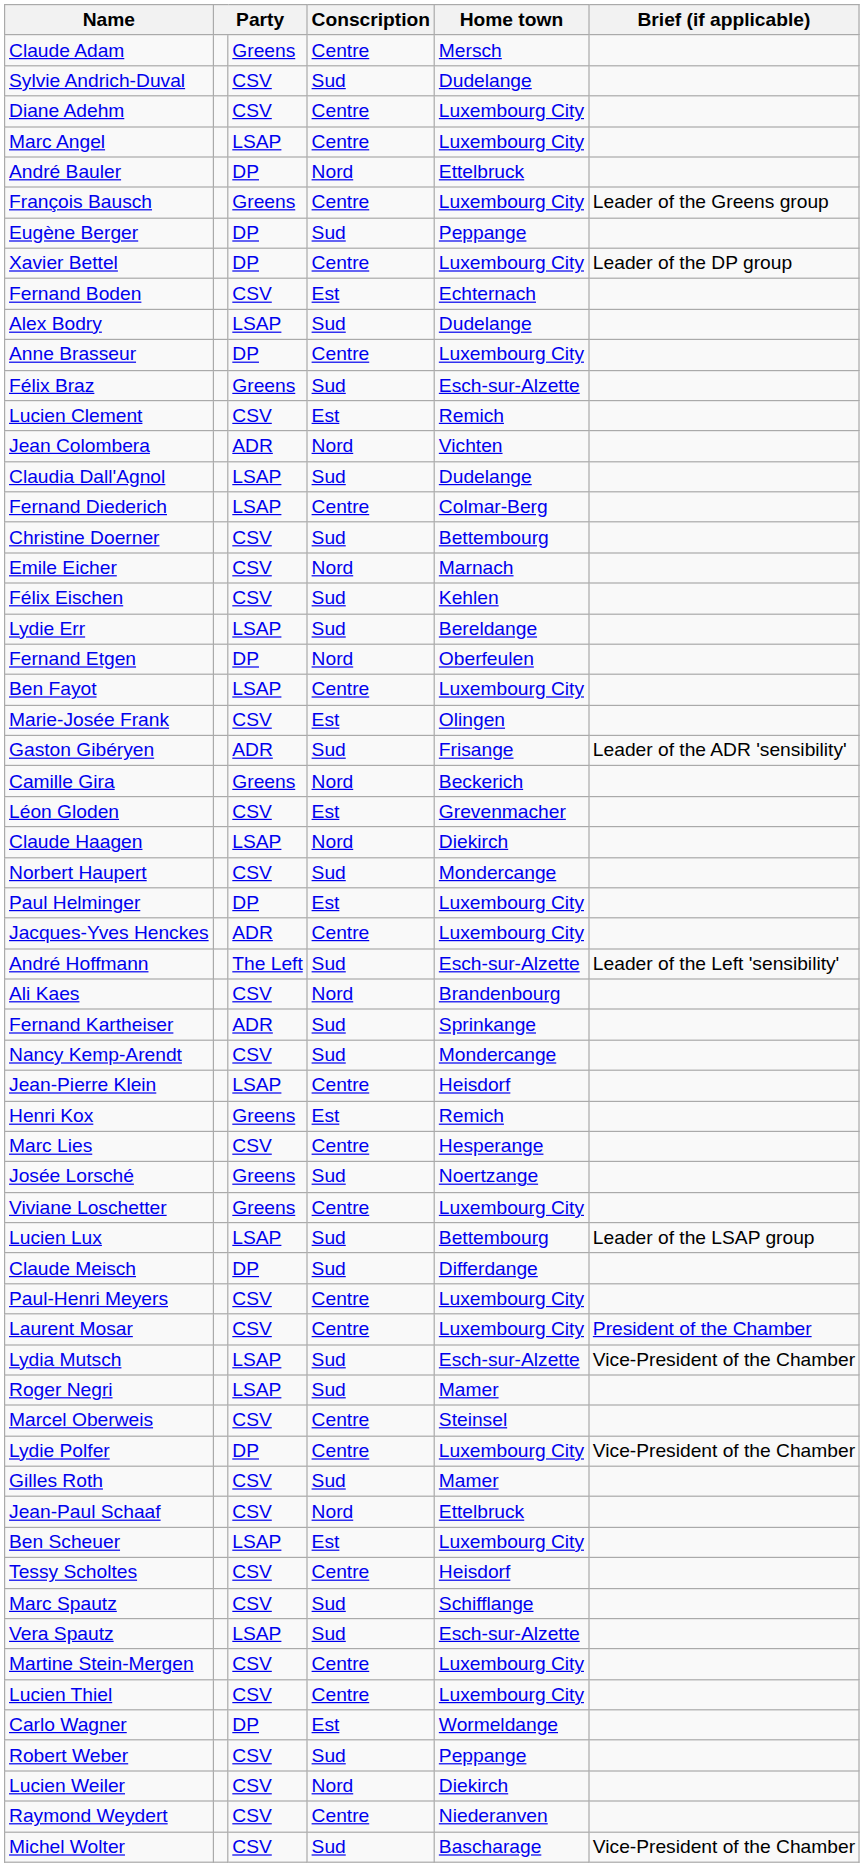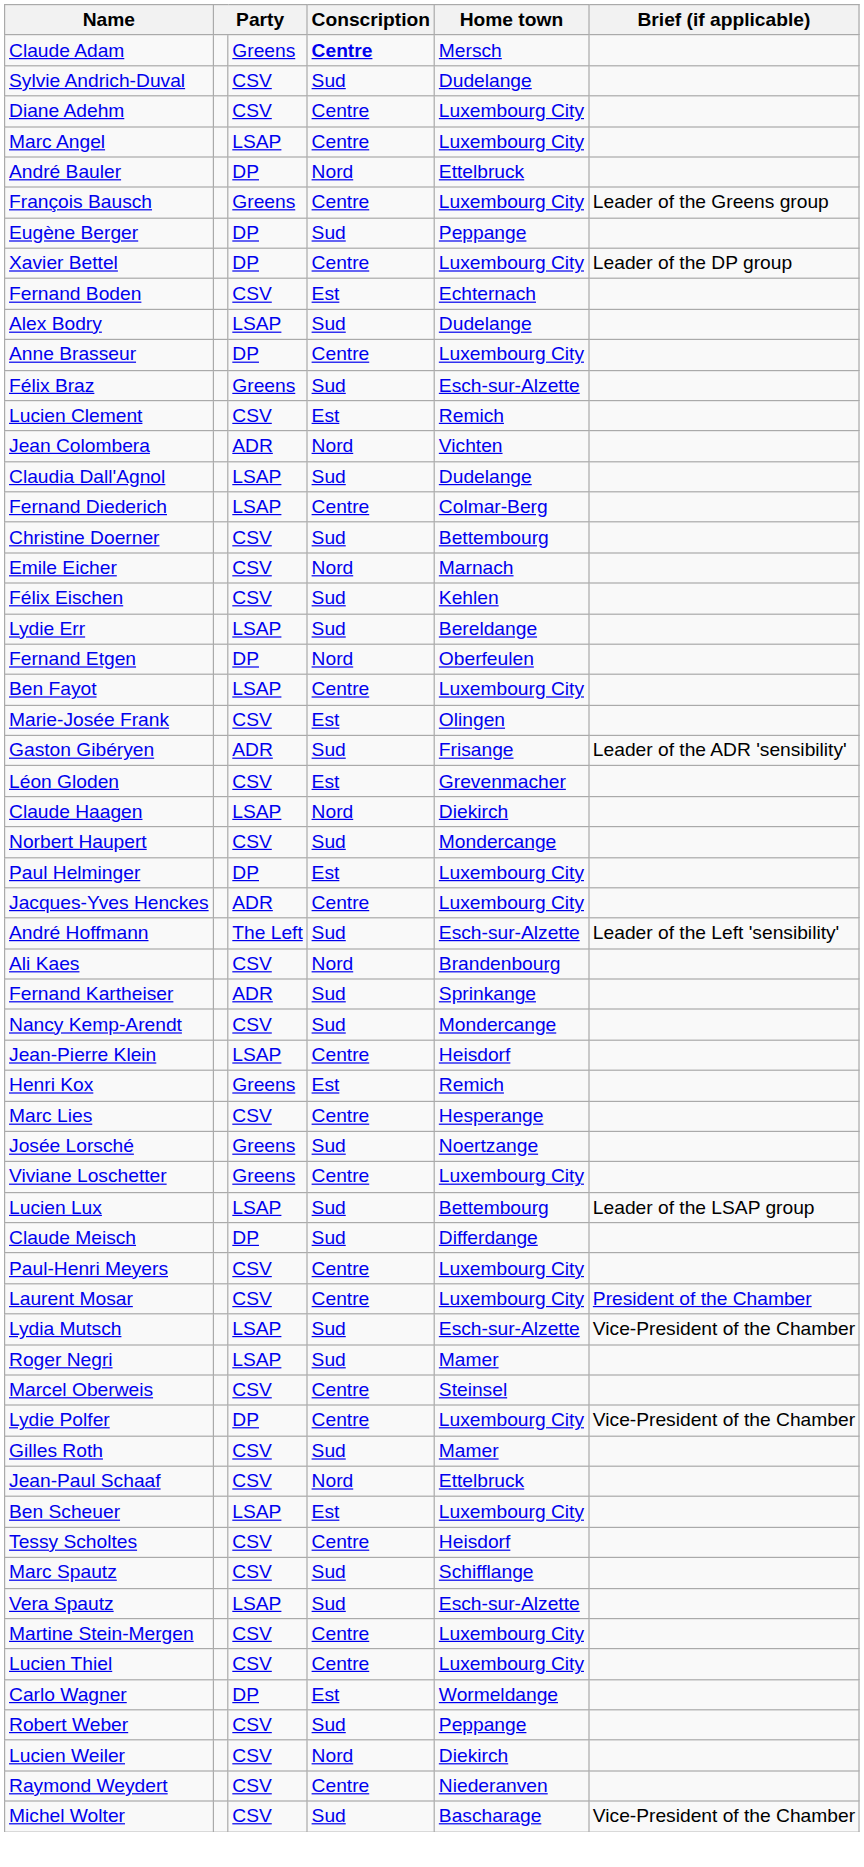 <table class="wikitable sortable">
 <tr>
 <th>Name</th>
 <th colspan=2>Party</th>
 <th>Conscription</th>
 <th>Home town</th>
 <th>Brief (if applicable)</th>
 </tr>
 <tr>
 <td><a href='#'>Claude Adam</a></td>
 <td style="background-color: "></td>
 <td><a href='#'>Greens</a></td>
-<td><a href='#'>Centre</a></td>
+<td><strong><a href='#'>Centre</a></strong></td>
 <td><a href='#'>Mersch</a></td>
 <td></td>
 </tr>
 <tr>
 <td><a href='#'>Sylvie Andrich-Duval</a></td>
 <td style="background-color: "></td>
 <td><a href='#'>CSV</a></td>
 <td><a href='#'>Sud</a></td>
 <td><a href='#'>Dudelange</a></td>
 <td></td>
 </tr>
 <tr>
 <td><a href='#'>Diane Adehm</a></td>
 <td style="background-color: "></td>
 <td><a href='#'>CSV</a></td>
 <td><a href='#'>Centre</a></td>
 <td><a href='#'>Luxembourg City</a></td>
 <td></td>
 </tr>
 <tr>
 <td><a href='#'>Marc Angel</a></td>
 <td style="background-color: "></td>
 <td><a href='#'>LSAP</a></td>
 <td><a href='#'>Centre</a></td>
 <td><a href='#'>Luxembourg City</a></td>
 <td></td>
 </tr>
 <tr>
 <td><a href='#'>André Bauler</a></td>
 <td style="background-color: "></td>
 <td><a href='#'>DP</a></td>
 <td><a href='#'>Nord</a></td>
 <td><a href='#'>Ettelbruck</a></td>
 <td></td>
 </tr>
 <tr>
 <td><a href='#'>François Bausch</a></td>
 <td style="background-color: "></td>
 <td><a href='#'>Greens</a></td>
 <td><a href='#'>Centre</a></td>
 <td><a href='#'>Luxembourg City</a></td>
 <td>Leader of the Greens group</td>
 </tr>
 <tr>
 <td><a href='#'>Eugène Berger</a></td>
 <td width=5px style="background-color: "></td>
 <td><a href='#'>DP</a></td>
 <td><a href='#'>Sud</a></td>
 <td><a href='#'>Peppange</a></td>
 <td></td>
 </tr>
 <tr>
 <td><a href='#'>Xavier Bettel</a></td>
 <td width=5px style="background-color: "></td>
 <td><a href='#'>DP</a></td>
 <td><a href='#'>Centre</a></td>
 <td><a href='#'>Luxembourg City</a></td>
 <td>Leader of the DP group</td>
 </tr>
 <tr>
 <td><a href='#'>Fernand Boden</a></td>
 <td style="background-color: "></td>
 <td><a href='#'>CSV</a></td>
 <td><a href='#'>Est</a></td>
 <td><a href='#'>Echternach</a></td>
 <td></td>
 </tr>
 <tr>
 <td><a href='#'>Alex Bodry</a></td>
 <td style="background-color: "></td>
 <td><a href='#'>LSAP</a></td>
 <td><a href='#'>Sud</a></td>
 <td><a href='#'>Dudelange</a></td>
 <td></td>
 </tr>
 <tr>
 <td><a href='#'>Anne Brasseur</a></td>
 <td width=5px style="background-color: "></td>
 <td><a href='#'>DP</a></td>
 <td><a href='#'>Centre</a></td>
 <td><a href='#'>Luxembourg City</a></td>
 <td></td>
 </tr>
 <tr>
 <td><a href='#'>Félix Braz</a></td>
 <td style="background-color: "></td>
 <td><a href='#'>Greens</a></td>
 <td><a href='#'>Sud</a></td>
 <td><a href='#'>Esch-sur-Alzette</a></td>
 <td></td>
 </tr>
 <tr>
 <td><a href='#'>Lucien Clement</a></td>
 <td style="background-color: "></td>
 <td><a href='#'>CSV</a></td>
 <td><a href='#'>Est</a></td>
 <td><a href='#'>Remich</a></td>
 <td></td>
 </tr>
 <tr>
 <td><a href='#'>Jean Colombera</a></td>
 <td style="background-color: "></td>
 <td><a href='#'>ADR</a></td>
 <td><a href='#'>Nord</a></td>
 <td><a href='#'>Vichten</a></td>
 <td></td>
 </tr>
 <tr>
 <td><a href='#'>Claudia Dall'Agnol</a></td>
 <td style="background-color: "></td>
 <td><a href='#'>LSAP</a></td>
 <td><a href='#'>Sud</a></td>
 <td><a href='#'>Dudelange</a></td>
 <td></td>
 </tr>
 <tr>
 <td><a href='#'>Fernand Diederich</a></td>
 <td style="background-color: "></td>
 <td><a href='#'>LSAP</a></td>
 <td><a href='#'>Centre</a></td>
 <td><a href='#'>Colmar-Berg</a></td>
 <td></td>
 </tr>
 <tr>
 <td><a href='#'>Christine Doerner</a></td>
 <td style="background-color: "></td>
 <td><a href='#'>CSV</a></td>
 <td><a href='#'>Sud</a></td>
 <td><a href='#'>Bettembourg</a></td>
 <td></td>
 </tr>
 <tr>
 <td><a href='#'>Emile Eicher</a></td>
 <td style="background-color: "></td>
 <td><a href='#'>CSV</a></td>
 <td><a href='#'>Nord</a></td>
 <td><a href='#'>Marnach</a></td>
 <td></td>
 </tr>
 <tr>
 <td><a href='#'>Félix Eischen</a></td>
 <td style="background-color: "></td>
 <td><a href='#'>CSV</a></td>
 <td><a href='#'>Sud</a></td>
 <td><a href='#'>Kehlen</a></td>
 <td></td>
 </tr>
 <tr>
 <td><a href='#'>Lydie Err</a></td>
 <td style="background-color: "></td>
 <td><a href='#'>LSAP</a></td>
 <td><a href='#'>Sud</a></td>
 <td><a href='#'>Bereldange</a></td>
 <td></td>
 </tr>
 <tr>
 <td><a href='#'>Fernand Etgen</a></td>
 <td width=5px style="background-color: "></td>
 <td><a href='#'>DP</a></td>
 <td><a href='#'>Nord</a></td>
 <td><a href='#'>Oberfeulen</a></td>
 <td></td>
 </tr>
 <tr>
 <td><a href='#'>Ben Fayot</a></td>
 <td style="background-color: "></td>
 <td><a href='#'>LSAP</a></td>
 <td><a href='#'>Centre</a></td>
 <td><a href='#'>Luxembourg City</a></td>
 <td></td>
 </tr>
 <tr>
 <td><a href='#'>Marie-Josée Frank</a></td>
 <td style="background-color: "></td>
 <td><a href='#'>CSV</a></td>
 <td><a href='#'>Est</a></td>
 <td><a href='#'>Olingen</a></td>
 <td></td>
 </tr>
 <tr>
 <td><a href='#'>Gaston Gibéryen</a></td>
 <td style="background-color: "></td>
 <td><a href='#'>ADR</a></td>
 <td><a href='#'>Sud</a></td>
 <td><a href='#'>Frisange</a></td>
 <td>Leader of the ADR 'sensibility'</td>
-</tr>
-<tr>
-<td><a href='#'>Camille Gira</a></td>
-<td style="background-color: "></td>
-<td><a href='#'>Greens</a></td>
-<td><a href='#'>Nord</a></td>
-<td><a href='#'>Beckerich</a></td>
-<td></td>
 </tr>
 <tr>
 <td><a href='#'>Léon Gloden</a></td>
 <td style="background-color: "></td>
 <td><a href='#'>CSV</a></td>
 <td><a href='#'>Est</a></td>
 <td><a href='#'>Grevenmacher</a></td>
 <td></td>
 </tr>
 <tr>
 <td><a href='#'>Claude Haagen</a></td>
 <td style="background-color: "></td>
 <td><a href='#'>LSAP</a></td>
 <td><a href='#'>Nord</a></td>
 <td><a href='#'>Diekirch</a></td>
 <td></td>
 </tr>
 <tr>
 <td><a href='#'>Norbert Haupert</a></td>
 <td style="background-color: "></td>
 <td><a href='#'>CSV</a></td>
 <td><a href='#'>Sud</a></td>
 <td><a href='#'>Mondercange</a></td>
 <td></td>
 </tr>
 <tr>
 <td><a href='#'>Paul Helminger</a></td>
 <td width=5px style="background-color: "></td>
 <td><a href='#'>DP</a></td>
 <td><a href='#'>Est</a></td>
 <td><a href='#'>Luxembourg City</a></td>
 <td></td>
 </tr>
 <tr>
 <td><a href='#'>Jacques-Yves Henckes</a></td>
 <td style="background-color: "></td>
 <td><a href='#'>ADR</a></td>
 <td><a href='#'>Centre</a></td>
 <td><a href='#'>Luxembourg City</a></td>
 <td></td>
 </tr>
 <tr>
 <td><a href='#'>André Hoffmann</a></td>
 <td style="background-color: "></td>
 <td><a href='#'>The Left</a></td>
 <td><a href='#'>Sud</a></td>
 <td><a href='#'>Esch-sur-Alzette</a></td>
 <td>Leader of the Left 'sensibility'</td>
 </tr>
 <tr>
 <td><a href='#'>Ali Kaes</a></td>
 <td style="background-color: "></td>
 <td><a href='#'>CSV</a></td>
 <td><a href='#'>Nord</a></td>
 <td><a href='#'>Brandenbourg</a></td>
 <td></td>
 </tr>
 <tr>
 <td><a href='#'>Fernand Kartheiser</a></td>
 <td style="background-color: "></td>
 <td><a href='#'>ADR</a></td>
 <td><a href='#'>Sud</a></td>
 <td><a href='#'>Sprinkange</a></td>
 <td></td>
 </tr>
 <tr>
 <td><a href='#'>Nancy Kemp-Arendt</a></td>
 <td style="background-color: "></td>
 <td><a href='#'>CSV</a></td>
 <td><a href='#'>Sud</a></td>
 <td><a href='#'>Mondercange</a></td>
 <td></td>
 </tr>
 <tr>
 <td><a href='#'>Jean-Pierre Klein</a></td>
 <td style="background-color: "></td>
 <td><a href='#'>LSAP</a></td>
 <td><a href='#'>Centre</a></td>
 <td><a href='#'>Heisdorf</a></td>
 <td></td>
 </tr>
 <tr>
 <td><a href='#'>Henri Kox</a></td>
 <td style="background-color: "></td>
 <td><a href='#'>Greens</a></td>
 <td><a href='#'>Est</a></td>
 <td><a href='#'>Remich</a></td>
 <td></td>
 </tr>
 <tr>
 <td><a href='#'>Marc Lies</a></td>
 <td style="background-color: "></td>
 <td><a href='#'>CSV</a></td>
 <td><a href='#'>Centre</a></td>
 <td><a href='#'>Hesperange</a></td>
 <td></td>
 </tr>
 <tr>
 <td><a href='#'>Josée Lorsché</a></td>
 <td style="background-color: "></td>
 <td><a href='#'>Greens</a></td>
 <td><a href='#'>Sud</a></td>
 <td><a href='#'>Noertzange</a></td>
 <td></td>
 </tr>
 <tr>
 <td><a href='#'>Viviane Loschetter</a></td>
 <td style="background-color: "></td>
 <td><a href='#'>Greens</a></td>
 <td><a href='#'>Centre</a></td>
 <td><a href='#'>Luxembourg City</a></td>
 <td></td>
 </tr>
 <tr>
 <td><a href='#'>Lucien Lux</a></td>
 <td style="background-color: "></td>
 <td><a href='#'>LSAP</a></td>
 <td><a href='#'>Sud</a></td>
 <td><a href='#'>Bettembourg</a></td>
 <td>Leader of the LSAP group</td>
 </tr>
 <tr>
 <td><a href='#'>Claude Meisch</a></td>
 <td width=5px style="background-color: "></td>
 <td><a href='#'>DP</a></td>
 <td><a href='#'>Sud</a></td>
 <td><a href='#'>Differdange</a></td>
 <td></td>
 </tr>
 <tr>
 <td><a href='#'>Paul-Henri Meyers</a></td>
 <td style="background-color: "></td>
 <td><a href='#'>CSV</a></td>
 <td><a href='#'>Centre</a></td>
 <td><a href='#'>Luxembourg City</a></td>
 <td></td>
 </tr>
 <tr>
 <td><a href='#'>Laurent Mosar</a></td>
 <td style="background-color: "></td>
 <td><a href='#'>CSV</a></td>
 <td><a href='#'>Centre</a></td>
 <td><a href='#'>Luxembourg City</a></td>
 <td><a href='#'>President of the Chamber</a></td>
 </tr>
 <tr>
 <td><a href='#'>Lydia Mutsch</a></td>
 <td style="background-color: "></td>
 <td><a href='#'>LSAP</a></td>
 <td><a href='#'>Sud</a></td>
 <td><a href='#'>Esch-sur-Alzette</a></td>
 <td>Vice-President of the Chamber</td>
 </tr>
 <tr>
 <td><a href='#'>Roger Negri</a></td>
 <td style="background-color: "></td>
 <td><a href='#'>LSAP</a></td>
 <td><a href='#'>Sud</a></td>
 <td><a href='#'>Mamer</a></td>
 <td></td>
 </tr>
 <tr>
 <td><a href='#'>Marcel Oberweis</a></td>
 <td style="background-color: "></td>
 <td><a href='#'>CSV</a></td>
 <td><a href='#'>Centre</a></td>
 <td><a href='#'>Steinsel</a></td>
 <td></td>
 </tr>
 <tr>
 <td><a href='#'>Lydie Polfer</a></td>
 <td style="background-color: "></td>
 <td><a href='#'>DP</a></td>
 <td><a href='#'>Centre</a></td>
 <td><a href='#'>Luxembourg City</a></td>
 <td>Vice-President of the Chamber</td>
 </tr>
 <tr>
 <td><a href='#'>Gilles Roth</a></td>
 <td style="background-color: "></td>
 <td><a href='#'>CSV</a></td>
 <td><a href='#'>Sud</a></td>
 <td><a href='#'>Mamer</a></td>
 <td></td>
 </tr>
 <tr>
 <td><a href='#'>Jean-Paul Schaaf</a></td>
 <td style="background-color: "></td>
 <td><a href='#'>CSV</a></td>
 <td><a href='#'>Nord</a></td>
 <td><a href='#'>Ettelbruck</a></td>
 <td></td>
 </tr>
 <tr>
 <td><a href='#'>Ben Scheuer</a></td>
 <td style="background-color: "></td>
 <td><a href='#'>LSAP</a></td>
 <td><a href='#'>Est</a></td>
 <td><a href='#'>Luxembourg City</a></td>
 <td></td>
 </tr>
 <tr>
 <td><a href='#'>Tessy Scholtes</a></td>
 <td style="background-color: "></td>
 <td><a href='#'>CSV</a></td>
 <td><a href='#'>Centre</a></td>
 <td><a href='#'>Heisdorf</a></td>
 <td></td>
 </tr>
 <tr>
 <td><a href='#'>Marc Spautz</a></td>
 <td style="background-color: "></td>
 <td><a href='#'>CSV</a></td>
 <td><a href='#'>Sud</a></td>
 <td><a href='#'>Schifflange</a></td>
 <td></td>
 </tr>
 <tr>
 <td><a href='#'>Vera Spautz</a></td>
 <td style="background-color: "></td>
 <td><a href='#'>LSAP</a></td>
 <td><a href='#'>Sud</a></td>
 <td><a href='#'>Esch-sur-Alzette</a></td>
 <td></td>
 </tr>
 <tr>
 <td><a href='#'>Martine Stein-Mergen</a></td>
 <td style="background-color: "></td>
 <td><a href='#'>CSV</a></td>
 <td><a href='#'>Centre</a></td>
 <td><a href='#'>Luxembourg City</a></td>
 <td></td>
 </tr>
 <tr>
 <td><a href='#'>Lucien Thiel</a></td>
 <td style="background-color: "></td>
 <td><a href='#'>CSV</a></td>
 <td><a href='#'>Centre</a></td>
 <td><a href='#'>Luxembourg City</a></td>
 <td></td>
 </tr>
 <tr>
 <td><a href='#'>Carlo Wagner</a></td>
 <td width=5px style="background-color: "></td>
 <td><a href='#'>DP</a></td>
 <td><a href='#'>Est</a></td>
 <td><a href='#'>Wormeldange</a></td>
 <td></td>
 </tr>
 <tr>
 <td><a href='#'>Robert Weber</a></td>
 <td style="background-color: "></td>
 <td><a href='#'>CSV</a></td>
 <td><a href='#'>Sud</a></td>
 <td><a href='#'>Peppange</a></td>
 <td></td>
 </tr>
 <tr>
 <td><a href='#'>Lucien Weiler</a></td>
 <td style="background-color: "></td>
 <td><a href='#'>CSV</a></td>
 <td><a href='#'>Nord</a></td>
 <td><a href='#'>Diekirch</a></td>
 <td></td>
 </tr>
 <tr>
 <td><a href='#'>Raymond Weydert</a></td>
 <td style="background-color: "></td>
 <td><a href='#'>CSV</a></td>
 <td><a href='#'>Centre</a></td>
 <td><a href='#'>Niederanven</a></td>
 <td></td>
 </tr>
 <tr>
 <td><a href='#'>Michel Wolter</a></td>
 <td style="background-color: "></td>
 <td><a href='#'>CSV</a></td>
 <td><a href='#'>Sud</a></td>
 <td><a href='#'>Bascharage</a></td>
 <td>Vice-President of the Chamber</td>
 </tr>
 </table>
